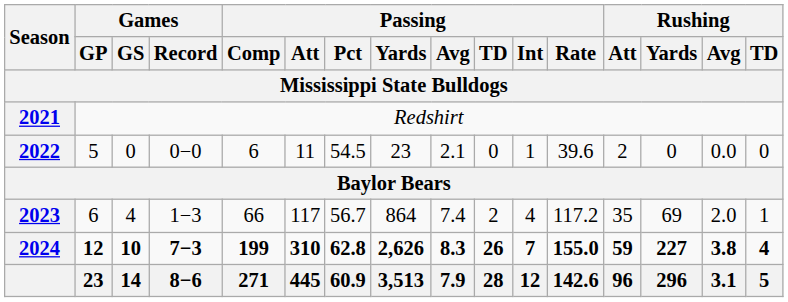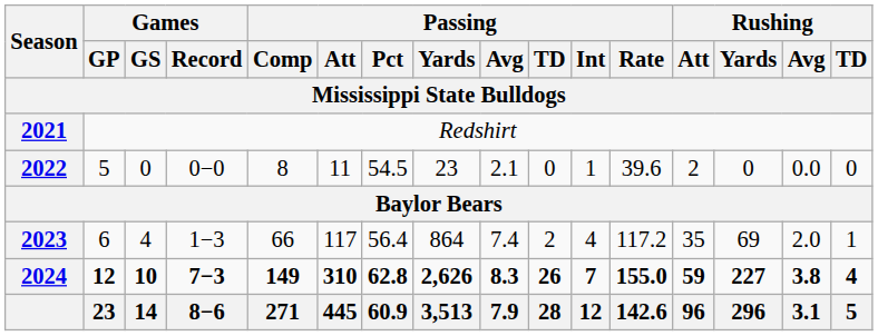 <table class="wikitable" style="text-align:center;">
 <tr>
 <th rowspan="2">Season</th>
 <th colspan="3">Games</th>
 <th colspan="8">Passing</th>
 <th colspan="5">Rushing</th>
 </tr>
 <tr>
 <th>GP</th>
 <th>GS</th>
 <th>Record</th>
 <th>Comp</th>
 <th>Att</th>
 <th>Pct</th>
 <th>Yards</th>
 <th>Avg</th>
 <th>TD</th>
 <th>Int</th>
 <th>Rate</th>
 <th>Att</th>
 <th>Yards</th>
 <th>Avg</th>
 <th>TD</th>
 </tr>
 <tr>
 <th colspan="16">Mississippi State Bulldogs</th>
 </tr>
 <tr>
 <th><a href='#'>2021</a></th>
 <td colspan="15"><em>Redshirt </em></td>
 </tr>
 <tr>
 <th><a href='#'>2022</a></th>
 <td>5</td>
 <td>0</td>
 <td>0−0</td>
-<td>6</td>
+<td>8</td>
 <td>11</td>
 <td>54.5</td>
 <td>23</td>
 <td>2.1</td>
 <td>0</td>
 <td>1</td>
 <td>39.6</td>
 <td>2</td>
 <td>0</td>
 <td>0.0</td>
 <td>0</td>
 </tr>
 <tr>
 <th colspan="16">Baylor Bears</th>
 </tr>
 <tr>
 <th><a href='#'>2023</a></th>
 <td>6</td>
 <td>4</td>
 <td>1−3</td>
 <td>66</td>
 <td>117</td>
-<td>56.7</td>
+<td>56.4</td>
 <td>864</td>
 <td>7.4</td>
 <td>2</td>
 <td>4</td>
 <td>117.2</td>
 <td>35</td>
 <td>69</td>
 <td>2.0</td>
 <td>1</td>
 </tr>
 <tr>
 <th><a href='#'>2024</a></th>
 <td><strong>12</strong></td>
 <td><strong>10</strong></td>
 <td><strong>7−3</strong></td>
-<td><strong>199</strong></td>
+<td><strong>149</strong></td>
 <td><strong>310</strong></td>
 <td><strong>62.8</strong></td>
 <td><strong>2,626</strong></td>
 <td><strong>8.3</strong></td>
 <td><strong>26</strong></td>
 <td><strong>7</strong></td>
 <td><strong>155.0</strong></td>
 <td><strong>59</strong></td>
 <td><strong>227</strong></td>
 <td><strong>3.8</strong></td>
 <td><strong>4</strong></td>
 </tr>
 <tr>
 <th></th>
 <th>23</th>
 <th>14</th>
 <th>8−6</th>
 <th>271</th>
 <th>445</th>
 <th>60.9</th>
 <th>3,513</th>
 <th>7.9</th>
 <th>28</th>
 <th>12</th>
 <th>142.6</th>
 <th>96</th>
 <th>296</th>
 <th>3.1</th>
 <th>5</th>
 </tr>
 </table>
